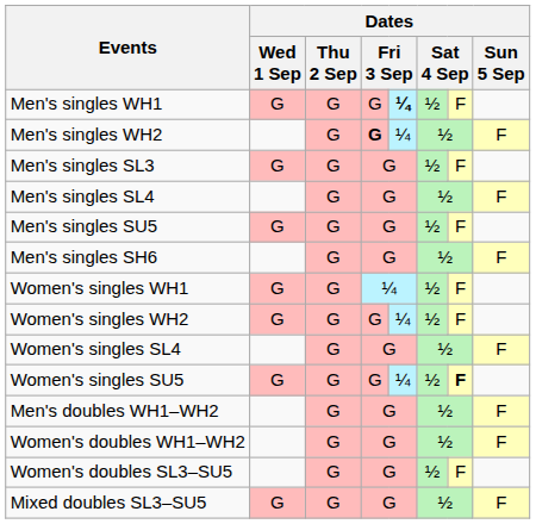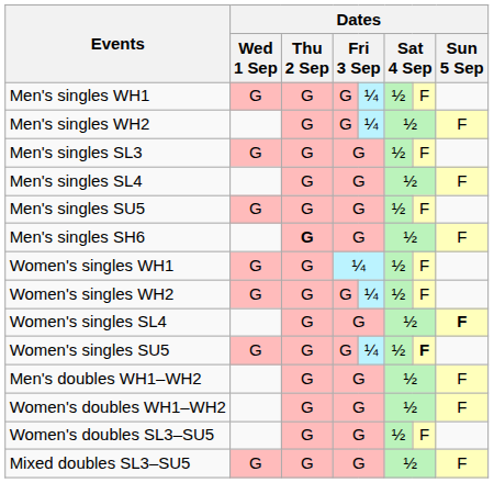 <table class="wikitable" style="margin:0.5em auto; font-size:90%; line-height:1.25em; text-align:center">
 <tr>
 <th rowspan="2">Events</th>
 <th colspan="14">Dates</th>
 </tr>
 <tr>
 <th>Wed<br>1 Sep</th>
 <th>Thu<br>2 Sep</th>
 <th colspan="2">Fri<br>3 Sep</th>
 <th colspan="2">Sat<br>4 Sep</th>
 <th>Sun<br>5 Sep</th>
 </tr>
 <tr>
 <td align="left">Men's singles WH1</td>
 <td bgcolor="#FFBBBB">G</td>
 <td bgcolor="#FFBBBB">G</td>
 <td bgcolor="#FFBBBB">G</td>
-<td bgcolor="#BBF3FF"><strong>¼</strong></td>
+<td bgcolor="#BBF3FF">¼</td>
 <td bgcolor="#BBF3BB">½</td>
 <td bgcolor="#FFFFBB">F</td>
 <td></td>
 </tr>
 <tr>
 <td align="left">Men's singles WH2</td>
 <td></td>
 <td bgcolor="#FFBBBB">G</td>
-<td bgcolor="#FFBBBB"><strong>G</strong></td>
+<td bgcolor="#FFBBBB">G</td>
 <td bgcolor="#BBF3FF">¼</td>
 <td bgcolor="#BBF3BB" colspan="2">½</td>
 <td bgcolor="#FFFFBB">F</td>
 </tr>
 <tr>
 <td align="left">Men's singles SL3</td>
 <td bgcolor="#FFBBBB">G</td>
 <td bgcolor="#FFBBBB">G</td>
 <td bgcolor="#FFBBBB" colspan="2">G</td>
 <td bgcolor="#BBF3BB">½</td>
 <td bgcolor="#FFFFBB">F</td>
 <td></td>
 </tr>
 <tr>
 <td align="left">Men's singles SL4</td>
 <td></td>
 <td bgcolor="#FFBBBB">G</td>
 <td bgcolor="#FFBBBB" colspan="2">G</td>
 <td bgcolor="#BBF3BB" colspan="2">½</td>
 <td bgcolor="#FFFFBB">F</td>
 </tr>
 <tr>
 <td align="left">Men's singles SU5</td>
 <td bgcolor="#FFBBBB">G</td>
 <td bgcolor="#FFBBBB">G</td>
 <td bgcolor="#FFBBBB" colspan="2">G</td>
 <td bgcolor="#BBF3BB">½</td>
 <td bgcolor="#FFFFBB">F</td>
 <td></td>
 </tr>
 <tr>
 <td align="left">Men's singles SH6</td>
 <td></td>
-<td bgcolor="#FFBBBB">G</td>
+<td bgcolor="#FFBBBB"><strong>G</strong></td>
 <td bgcolor="#FFBBBB" colspan="2">G</td>
 <td bgcolor="#BBF3BB" colspan="2">½</td>
 <td bgcolor="#FFFFBB">F</td>
 </tr>
 <tr>
 <td align="left">Women's singles WH1</td>
 <td bgcolor="#FFBBBB">G</td>
 <td bgcolor="#FFBBBB">G</td>
 <td bgcolor="#BBF3FF" colspan="2">¼</td>
 <td bgcolor="#BBF3BB">½</td>
 <td bgcolor="#FFFFBB">F</td>
 <td></td>
 </tr>
 <tr>
 <td align="left">Women's singles WH2</td>
 <td bgcolor="#FFBBBB">G</td>
 <td bgcolor="#FFBBBB">G</td>
 <td bgcolor="#FFBBBB">G</td>
 <td bgcolor="#BBF3FF">¼</td>
 <td bgcolor="#BBF3BB">½</td>
 <td bgcolor="#FFFFBB">F</td>
 <td></td>
 </tr>
 <tr>
 <td align="left">Women's singles SL4</td>
 <td></td>
 <td bgcolor="#FFBBBB">G</td>
 <td bgcolor="#FFBBBB" colspan="2">G</td>
 <td bgcolor="#BBF3BB" colspan="2">½</td>
-<td bgcolor="#FFFFBB">F</td>
+<td bgcolor="#FFFFBB"><strong>F</strong></td>
 </tr>
 <tr>
 <td align="left">Women's singles SU5</td>
 <td bgcolor="#FFBBBB">G</td>
 <td bgcolor="#FFBBBB">G</td>
 <td bgcolor="#FFBBBB">G</td>
 <td bgcolor="#BBF3FF">¼</td>
 <td bgcolor="#BBF3BB">½</td>
 <td bgcolor="#FFFFBB"><strong>F</strong></td>
 <td></td>
 </tr>
 <tr>
 <td align="left">Men's doubles WH1–WH2</td>
 <td></td>
 <td bgcolor="#FFBBBB">G</td>
 <td bgcolor="#FFBBBB" colspan="2">G</td>
 <td bgcolor="#BBF3BB" colspan=2>½</td>
 <td bgcolor="#FFFFBB">F</td>
 </tr>
 <tr>
 <td align="left">Women's doubles WH1–WH2</td>
 <td></td>
 <td bgcolor="#FFBBBB">G</td>
 <td bgcolor="#FFBBBB" colspan="2">G</td>
 <td bgcolor="#BBF3BB" colspan="2">½</td>
 <td bgcolor="#FFFFBB">F</td>
 </tr>
 <tr>
 <td align="left">Women's doubles SL3–SU5</td>
 <td></td>
 <td bgcolor="#FFBBBB">G</td>
 <td bgcolor="#FFBBBB" colspan="2">G</td>
 <td bgcolor="#BBF3BB">½</td>
 <td bgcolor="#FFFFBB">F</td>
 <td></td>
 </tr>
 <tr>
 <td align="left">Mixed doubles SL3–SU5</td>
 <td bgcolor="#FFBBBB">G</td>
 <td bgcolor="#FFBBBB">G</td>
 <td bgcolor="#FFBBBB" colspan="2">G</td>
 <td bgcolor="#BBF3BB" colspan="2">½</td>
 <td bgcolor="#FFFFBB">F</td>
 </tr>
 </table>
